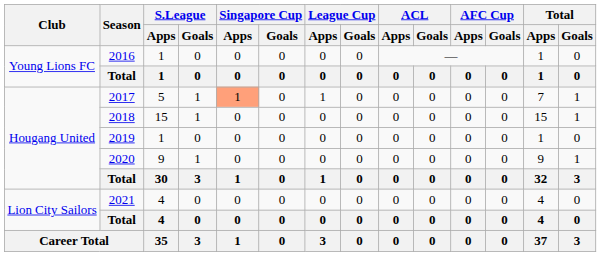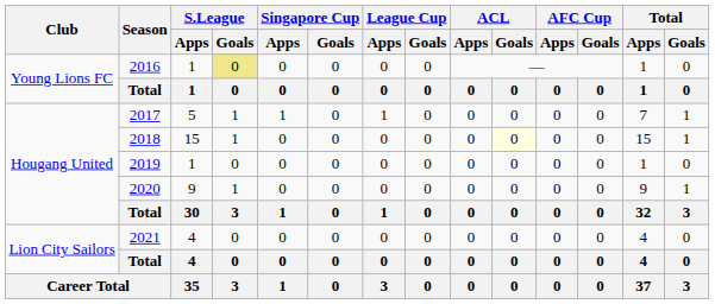 <table class="wikitable" style="text-align:center">
 <tr>
 <th rowspan="2">Club</th>
 <th rowspan="2">Season</th>
 <th colspan="2"><a href='#'>S.League</a></th>
 <th colspan="2"><a href='#'>Singapore Cup</a></th>
 <th colspan="2"><a href='#'>League Cup</a></th>
 <th colspan="2"><a href='#'>ACL</a></th>
 <th colspan="2"><a href='#'>AFC Cup</a></th>
 <th colspan="2">Total</th>
 </tr>
 <tr>
 <th>Apps</th>
 <th>Goals</th>
 <th>Apps</th>
 <th>Goals</th>
 <th>Apps</th>
 <th>Goals</th>
 <th>Apps</th>
 <th>Goals</th>
 <th>Apps</th>
 <th>Goals</th>
 <th>Apps</th>
 <th>Goals</th>
 </tr>
 <tr>
 <td rowspan="2"><a href='#'>Young Lions FC</a></td>
 <td><a href='#'>2016</a></td>
 <td>1</td>
-<td>0</td>
+<td style="background: khaki;">0</td>
 <td>0</td>
 <td>0</td>
 <td>0</td>
 <td>0</td>
 <td colspan="4">—</td>
 <td>1</td>
 <td>0</td>
 </tr>
 <tr>
 <th>Total</th>
 <th>1</th>
 <th>0</th>
 <th>0</th>
 <th>0</th>
 <th>0</th>
 <th>0</th>
 <th>0</th>
 <th>0</th>
 <th>0</th>
 <th>0</th>
 <th>1</th>
 <th>0</th>
 </tr>
 <tr>
 <td rowspan="5"><a href='#'>Hougang United</a></td>
 <td><a href='#'>2017</a></td>
 <td>5</td>
 <td>1</td>
-<td style="background: lightsalmon;">1</td>
+<td>1</td>
 <td>0</td>
 <td>1</td>
 <td>0</td>
 <td>0</td>
 <td>0</td>
 <td>0</td>
 <td>0</td>
 <td>7</td>
 <td>1</td>
 </tr>
 <tr>
 <td><a href='#'>2018</a></td>
 <td>15</td>
 <td>1</td>
 <td>0</td>
 <td>0</td>
 <td>0</td>
 <td>0</td>
 <td>0</td>
-<td>0</td>
+<td style="background: lightyellow;">0</td>
 <td>0</td>
 <td>0</td>
 <td>15</td>
 <td>1</td>
 </tr>
 <tr>
 <td><a href='#'>2019</a></td>
 <td>1</td>
 <td>0</td>
 <td>0</td>
 <td>0</td>
 <td>0</td>
 <td>0</td>
 <td>0</td>
 <td>0</td>
 <td>0</td>
 <td>0</td>
 <td>1</td>
 <td>0</td>
 </tr>
 <tr>
 <td><a href='#'>2020</a></td>
 <td>9</td>
 <td>1</td>
 <td>0</td>
 <td>0</td>
 <td>0</td>
 <td>0</td>
 <td>0</td>
 <td>0</td>
 <td>0</td>
 <td>0</td>
 <td>9</td>
 <td>1</td>
 </tr>
 <tr>
 <th>Total</th>
 <th>30</th>
 <th>3</th>
 <th>1</th>
 <th>0</th>
 <th>1</th>
 <th>0</th>
 <th>0</th>
 <th>0</th>
 <th>0</th>
 <th>0</th>
 <th>32</th>
 <th>3</th>
 </tr>
 <tr>
 <td rowspan="2"><a href='#'>Lion City Sailors</a></td>
 <td><a href='#'>2021</a></td>
 <td>4</td>
 <td>0</td>
 <td>0</td>
 <td>0</td>
 <td>0</td>
 <td>0</td>
 <td>0</td>
 <td>0</td>
 <td>0</td>
 <td>0</td>
 <td>4</td>
 <td>0</td>
 </tr>
 <tr>
 <th>Total</th>
 <th>4</th>
 <th>0</th>
 <th>0</th>
 <th>0</th>
 <th>0</th>
 <th>0</th>
 <th>0</th>
 <th>0</th>
 <th>0</th>
 <th>0</th>
 <th>4</th>
 <th>0</th>
 </tr>
 <tr>
 <th colspan="2">Career Total</th>
 <th>35</th>
 <th>3</th>
 <th>1</th>
 <th>0</th>
 <th>3</th>
 <th>0</th>
 <th>0</th>
 <th>0</th>
 <th>0</th>
 <th>0</th>
 <th>37</th>
 <th>3</th>
 </tr>
 </table>
